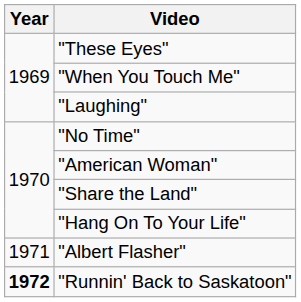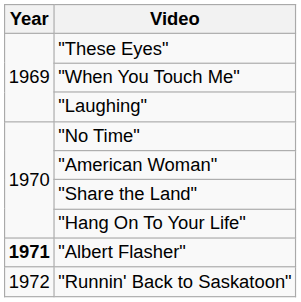 <table class="wikitable">
 <tr>
 <th>Year</th>
 <th>Video</th>
 </tr>
 <tr>
 <td rowspan="3">1969</td>
 <td>"These Eyes"</td>
 </tr>
 <tr>
 <td>"When You Touch Me"</td>
 </tr>
 <tr>
 <td>"Laughing"</td>
 </tr>
 <tr>
 <td rowspan="4">1970</td>
 <td>"No Time"</td>
 </tr>
 <tr>
 <td>"American Woman"</td>
 </tr>
 <tr>
 <td>"Share the Land"</td>
 </tr>
 <tr>
 <td>"Hang On To Your Life"</td>
 </tr>
 <tr>
-<td rowspan="1">1971</td>
+<td rowspan="1"><strong>1971</strong></td>
 <td>"Albert Flasher"</td>
 </tr>
 <tr>
-<td rowspan="1"><strong>1972</strong></td>
+<td rowspan="1">1972</td>
 <td>"Runnin' Back to Saskatoon"</td>
 </tr>
 </table>
